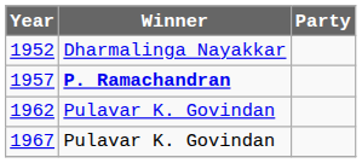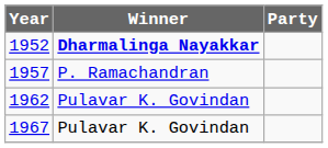 <table class="wikitable sortable">
 <tr>
 <th style="background-color:#666666; color:white">Year</th>
 <th style="background-color:#666666; color:white">Winner</th>
 <th style="background-color:#666666; color:white" colspan="2">Party</th>
 </tr>
 <tr>
 <td><a href='#'>1952</a></td>
-<td><a href='#'>Dharmalinga Nayakkar</a></td>
+<td><strong><a href='#'>Dharmalinga Nayakkar</a></strong></td>
 <td></td>
 </tr>
 <tr>
 <td><a href='#'>1957</a></td>
-<td><strong><a href='#'>P. Ramachandran</a></strong></td>
+<td><a href='#'>P. Ramachandran</a></td>
 <td></td>
 </tr>
 <tr>
 <td><a href='#'>1962</a></td>
 <td><a href='#'>Pulavar K. Govindan</a></td>
 <td></td>
 </tr>
 <tr>
 <td><a href='#'>1967</a></td>
 <td>Pulavar K. Govindan</td>
 <td></td>
 </tr>
 <tr>
 </tr>
 </table>
